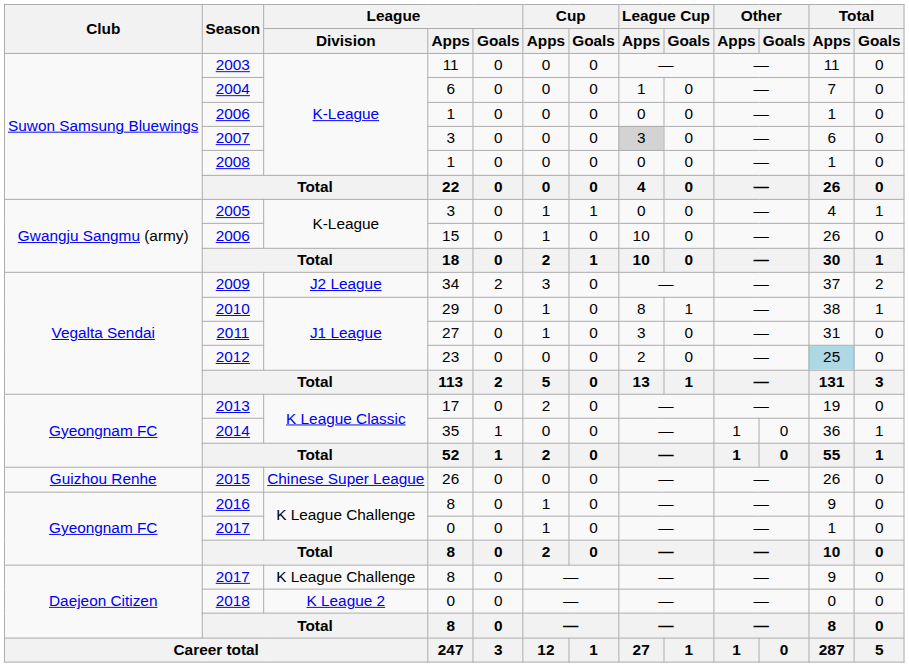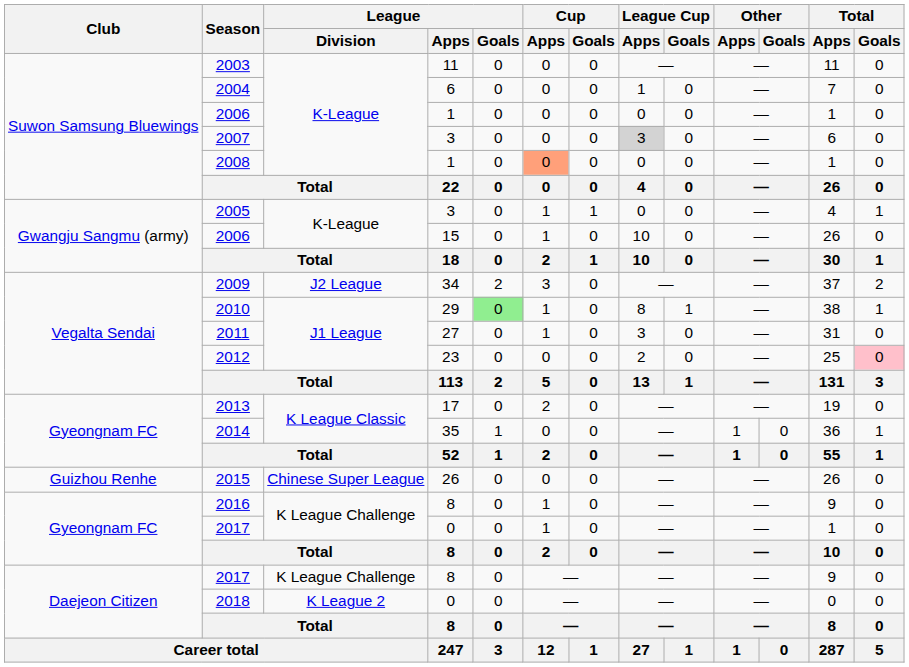 <table class="wikitable" style="text-align:center">
 <tr>
 <th rowspan=2>Club</th>
 <th rowspan=2>Season</th>
 <th colspan=3>League</th>
 <th colspan=2>Cup</th>
 <th colspan=2>League Cup</th>
 <th colspan=2>Other</th>
 <th colspan=2>Total</th>
 </tr>
 <tr>
 <th>Division</th>
 <th>Apps</th>
 <th>Goals</th>
 <th>Apps</th>
 <th>Goals</th>
 <th>Apps</th>
 <th>Goals</th>
 <th>Apps</th>
 <th>Goals</th>
 <th>Apps</th>
 <th>Goals</th>
 </tr>
 <tr>
 <td rowspan="6"><a href='#'>Suwon Samsung Bluewings</a></td>
 <td><a href='#'>2003</a></td>
 <td rowspan="5"><a href='#'>K-League</a></td>
 <td>11</td>
 <td>0</td>
 <td>0</td>
 <td>0</td>
 <td colspan="2">—</td>
 <td colspan="2">—</td>
 <td>11</td>
 <td>0</td>
 </tr>
 <tr>
 <td><a href='#'>2004</a></td>
 <td>6</td>
 <td>0</td>
 <td>0</td>
 <td>0</td>
 <td>1</td>
 <td>0</td>
 <td colspan="2">—</td>
 <td>7</td>
 <td>0</td>
 </tr>
 <tr>
 <td><a href='#'>2006</a></td>
 <td>1</td>
 <td>0</td>
 <td>0</td>
 <td>0</td>
 <td>0</td>
 <td>0</td>
 <td colspan="2">—</td>
 <td>1</td>
 <td>0</td>
 </tr>
 <tr>
 <td><a href='#'>2007</a></td>
 <td>3</td>
 <td>0</td>
 <td>0</td>
 <td>0</td>
 <td style="background: lightgrey;">3</td>
 <td>0</td>
 <td colspan="2">—</td>
 <td>6</td>
 <td>0</td>
 </tr>
 <tr>
 <td><a href='#'>2008</a></td>
 <td>1</td>
 <td>0</td>
-<td>0</td>
+<td style="background: lightsalmon;">0</td>
 <td>0</td>
 <td>0</td>
 <td>0</td>
 <td colspan="2">—</td>
 <td>1</td>
 <td>0</td>
 </tr>
 <tr>
 <th colspan=2>Total</th>
 <th>22</th>
 <th>0</th>
 <th>0</th>
 <th>0</th>
 <th>4</th>
 <th>0</th>
 <th colspan="2">—</th>
 <th>26</th>
 <th>0</th>
 </tr>
 <tr>
 <td rowspan="3"><a href='#'>Gwangju Sangmu</a> (army)</td>
 <td><a href='#'>2005</a></td>
 <td rowspan="2">K-League</td>
 <td>3</td>
 <td>0</td>
 <td>1</td>
 <td>1</td>
 <td>0</td>
 <td>0</td>
 <td colspan="2">—</td>
 <td>4</td>
 <td>1</td>
 </tr>
 <tr>
 <td><a href='#'>2006</a></td>
 <td>15</td>
 <td>0</td>
 <td>1</td>
 <td>0</td>
 <td>10</td>
 <td>0</td>
 <td colspan="2">—</td>
 <td>26</td>
 <td>0</td>
 </tr>
 <tr>
 <th colspan=2>Total</th>
 <th>18</th>
 <th>0</th>
 <th>2</th>
 <th>1</th>
 <th>10</th>
 <th>0</th>
 <th colspan="2">—</th>
 <th>30</th>
 <th>1</th>
 </tr>
 <tr>
 <td rowspan="5"><a href='#'>Vegalta Sendai</a></td>
 <td><a href='#'>2009</a></td>
 <td><a href='#'>J2 League</a></td>
 <td>34</td>
 <td>2</td>
 <td>3</td>
 <td>0</td>
 <td colspan="2">—</td>
 <td colspan="2">—</td>
 <td>37</td>
 <td>2</td>
 </tr>
 <tr>
 <td><a href='#'>2010</a></td>
 <td rowspan="3"><a href='#'>J1 League</a></td>
 <td>29</td>
-<td>0</td>
+<td style="background: lightgreen;">0</td>
 <td>1</td>
 <td>0</td>
 <td>8</td>
 <td>1</td>
 <td colspan="2">—</td>
 <td>38</td>
 <td>1</td>
 </tr>
 <tr>
 <td><a href='#'>2011</a></td>
 <td>27</td>
 <td>0</td>
 <td>1</td>
 <td>0</td>
 <td>3</td>
 <td>0</td>
 <td colspan="2">—</td>
 <td>31</td>
 <td>0</td>
 </tr>
 <tr>
 <td><a href='#'>2012</a></td>
 <td>23</td>
 <td>0</td>
 <td>0</td>
 <td>0</td>
 <td>2</td>
 <td>0</td>
 <td colspan="2">—</td>
-<td style="background: lightblue;">25</td>
-<td>0</td>
+<td>25</td>
+<td style="background: pink;">0</td>
 </tr>
 <tr>
 <th colspan=2>Total</th>
 <th>113</th>
 <th>2</th>
 <th>5</th>
 <th>0</th>
 <th>13</th>
 <th>1</th>
 <th colspan="2">—</th>
 <th>131</th>
 <th>3</th>
 </tr>
 <tr>
 <td rowspan="3"><a href='#'>Gyeongnam FC</a></td>
 <td><a href='#'>2013</a></td>
 <td rowspan="2"><a href='#'>K League Classic</a></td>
 <td>17</td>
 <td>0</td>
 <td>2</td>
 <td>0</td>
 <td colspan="2">—</td>
 <td colspan="2">—</td>
 <td>19</td>
 <td>0</td>
 </tr>
 <tr>
 <td><a href='#'>2014</a></td>
 <td>35</td>
 <td>1</td>
 <td>0</td>
 <td>0</td>
 <td colspan="2">—</td>
 <td>1</td>
 <td>0</td>
 <td>36</td>
 <td>1</td>
 </tr>
 <tr>
 <th colspan=2>Total</th>
 <th>52</th>
 <th>1</th>
 <th>2</th>
 <th>0</th>
 <th colspan="2">—</th>
 <th>1</th>
 <th>0</th>
 <th>55</th>
 <th>1</th>
 </tr>
 <tr>
 <td><a href='#'>Guizhou Renhe</a></td>
 <td><a href='#'>2015</a></td>
 <td><a href='#'>Chinese Super League</a></td>
 <td>26</td>
 <td>0</td>
 <td>0</td>
 <td>0</td>
 <td colspan="2">—</td>
 <td colspan="2">—</td>
 <td>26</td>
 <td>0</td>
 </tr>
 <tr>
 <td rowspan="3"><a href='#'>Gyeongnam FC</a></td>
 <td><a href='#'>2016</a></td>
 <td rowspan="2">K League Challenge</td>
 <td>8</td>
 <td>0</td>
 <td>1</td>
 <td>0</td>
 <td colspan="2">—</td>
 <td colspan="2">—</td>
 <td>9</td>
 <td>0</td>
 </tr>
 <tr>
 <td><a href='#'>2017</a></td>
 <td>0</td>
 <td>0</td>
 <td>1</td>
 <td>0</td>
 <td colspan="2">—</td>
 <td colspan="2">—</td>
 <td>1</td>
 <td>0</td>
 </tr>
 <tr>
 <th colspan=2>Total</th>
 <th>8</th>
 <th>0</th>
 <th>2</th>
 <th>0</th>
 <th colspan="2">—</th>
 <th colspan="2">—</th>
 <th>10</th>
 <th>0</th>
 </tr>
 <tr>
 <td rowspan="3"><a href='#'>Daejeon Citizen</a></td>
 <td><a href='#'>2017</a></td>
 <td>K League Challenge</td>
 <td>8</td>
 <td>0</td>
 <td colspan="2">—</td>
 <td colspan="2">—</td>
 <td colspan="2">—</td>
 <td>9</td>
 <td>0</td>
 </tr>
 <tr>
 <td><a href='#'>2018</a></td>
 <td><a href='#'>K League 2</a></td>
 <td>0</td>
 <td>0</td>
 <td colspan="2">—</td>
 <td colspan="2">—</td>
 <td colspan="2">—</td>
 <td>0</td>
 <td>0</td>
 </tr>
 <tr>
 <th colspan=2>Total</th>
 <th>8</th>
 <th>0</th>
 <th colspan="2">—</th>
 <th colspan="2">—</th>
 <th colspan="2">—</th>
 <th>8</th>
 <th>0</th>
 </tr>
 <tr>
 <th colspan=3>Career total</th>
 <th>247</th>
 <th>3</th>
 <th>12</th>
 <th>1</th>
 <th>27</th>
 <th>1</th>
 <th>1</th>
 <th>0</th>
 <th>287</th>
 <th>5</th>
 </tr>
 </table>
